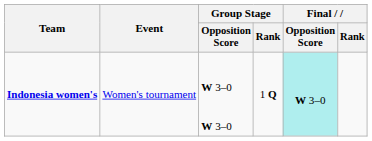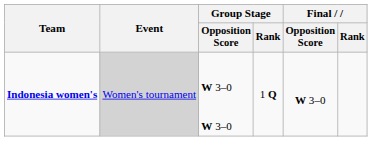 <table class="wikitable" style="font-size:90%">
 <tr>
 <th rowspan=2>Team</th>
 <th rowspan=2>Event</th>
 <th colspan=2>Group Stage</th>
 <th colspan=2>Final /  / </th>
 </tr>
 <tr style="font-size:95%">
 <th>Opposition<br>Score</th>
 <th>Rank</th>
 <th>Opposition<br>Score</th>
 <th>Rank</th>
 </tr>
 <tr align=center>
 <td align=left><strong><a href='#'>Indonesia women's</a></strong></td>
-<td align=left><a href='#'>Women's tournament</a></td>
+<td align=left style="background: lightgrey;"><a href='#'>Women's tournament</a></td>
 <td align=left><br><br><strong>W</strong> 3–0 <br><br><br><strong>W</strong> 3–0 <br></td>
 <td>1 <strong>Q</strong></td>
-<td style="background: paleturquoise;"><br><strong>W</strong> 3–0 <br></td>
+<td><br><strong>W</strong> 3–0 <br></td>
 <td></td>
 </tr>
 </table>
